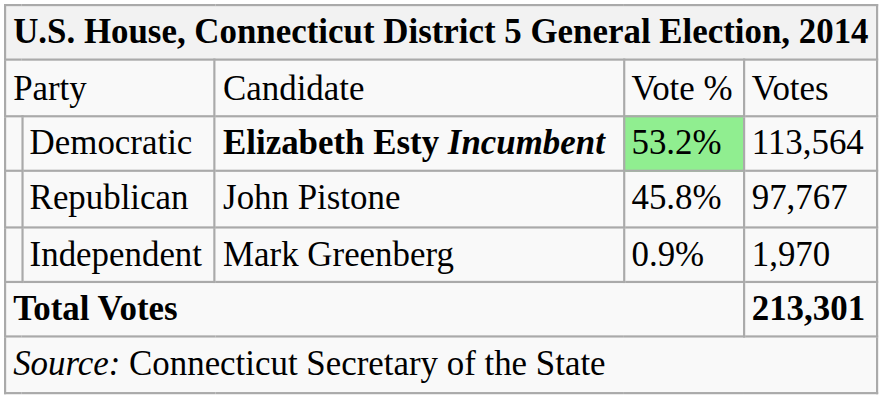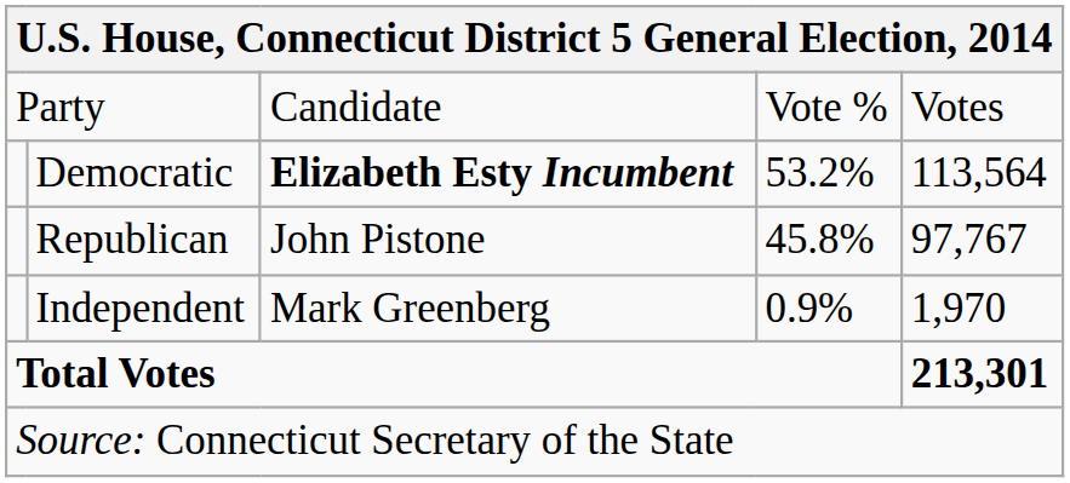 <table class="wikitable">
 <tr>
 <th colspan="5"><strong>U.S. House, Connecticut District 5 General Election, 2014</strong></th>
 </tr>
 <tr>
 <td colspan="2">Party</td>
 <td>Candidate</td>
 <td>Vote %</td>
 <td>Votes</td>
 </tr>
 <tr>
 <td></td>
 <td>Democratic</td>
 <td><strong>Elizabeth Esty</strong> <strong><em>Incumbent</em></strong></td>
-<td style="background: lightgreen;">53.2%</td>
+<td>53.2%</td>
 <td>113,564</td>
 </tr>
 <tr>
 <td></td>
 <td>Republican</td>
 <td>John Pistone</td>
 <td>45.8%</td>
 <td>97,767</td>
 </tr>
 <tr>
 <td></td>
 <td>Independent</td>
 <td>Mark Greenberg</td>
 <td>0.9%</td>
 <td>1,970</td>
 </tr>
 <tr>
 <td colspan="4"><strong>Total Votes</strong></td>
 <td><strong>213,301</strong></td>
 </tr>
 <tr>
 <td colspan="5"><em>Source:</em> Connecticut Secretary of the State</td>
 </tr>
 </table>
